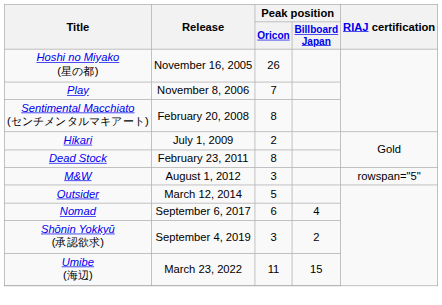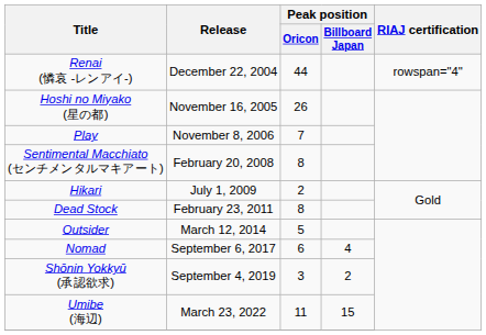 <table class="wikitable" style="text-align:center;">
 <tr>
 <th scope="col" rowspan="2">Title</th>
 <th scope="col" rowspan="2">Release</th>
 <th scope="col" colspan="2">Peak position</th>
 <th scope="col" rowspan="2"><a href='#'>RIAJ</a> certification</th>
 </tr>
 <tr>
 <th scope="col" style="width:3em;font-size:90%"><a href='#'>Oricon</a></th>
 <th scope="col" style="width:3em;font-size:90%"><a href='#'>Billboard Japan</a></th>
+</tr>
+<tr>
+<td><em><a href='#'>Renai</a></em> <br> (憐哀 -レンアイ-)</td>
+<td>December 22, 2004</td>
+<td>44</td>
+<td></td>
+<td>rowspan="4" </td>
 </tr>
 <tr>
 <td><em><a href='#'>Hoshi no Miyako</a></em> <br> (星の都)</td>
 <td>November 16, 2005</td>
 <td>26</td>
 <td></td>
 </tr>
 <tr>
 <td><em><a href='#'>Play</a></em></td>
 <td>November 8, 2006</td>
 <td>7</td>
 <td></td>
 </tr>
 <tr>
 <td><em><a href='#'>Sentimental Macchiato</a></em> <br> (センチメンタルマキアート)</td>
 <td>February 20, 2008</td>
 <td>8</td>
 <td></td>
 </tr>
 <tr>
 <td><em><a href='#'>Hikari</a></em></td>
 <td>July 1, 2009</td>
 <td>2</td>
 <td></td>
 <td rowspan="2">Gold</td>
 </tr>
 <tr>
 <td><em><a href='#'>Dead Stock</a></em></td>
 <td>February 23, 2011</td>
 <td>8</td>
 <td></td>
 </tr>
 <tr>
-<td><em><a href='#'>M&W</a></em></td>
-<td>August 1, 2012</td>
-<td>3</td>
-<td></td>
-<td>rowspan="5" </td>
-</tr>
-<tr>
 <td><em><a href='#'>Outsider</a></em></td>
 <td>March 12, 2014</td>
 <td>5</td>
 <td></td>
 </tr>
 <tr>
 <td><em><a href='#'>Nomad</a></em></td>
 <td>September 6, 2017</td>
 <td>6</td>
 <td>4</td>
 </tr>
 <tr>
 <td><em><a href='#'>Shōnin Yokkyū</a></em> <br> (承認欲求)</td>
 <td>September 4, 2019</td>
 <td>3</td>
 <td>2</td>
 </tr>
 <tr>
 <td><em><a href='#'>Umibe</a></em> <br> (海辺)</td>
 <td>March 23, 2022</td>
 <td>11</td>
 <td>15</td>
 </tr>
 <tr>
 </tr>
 </table>
